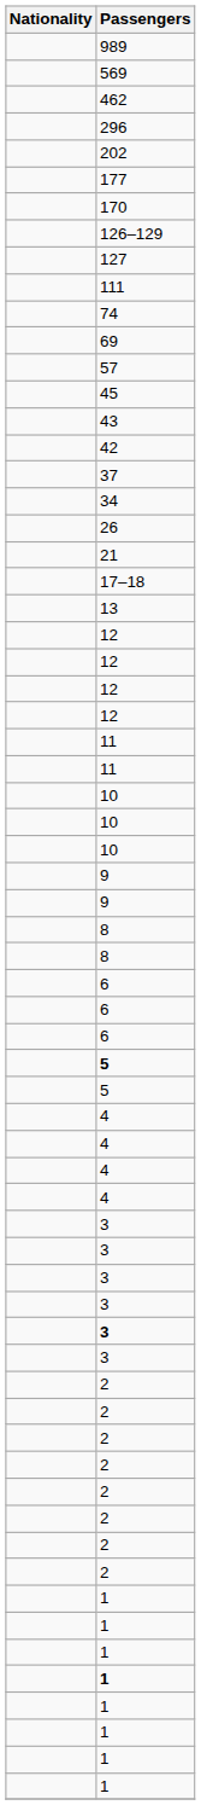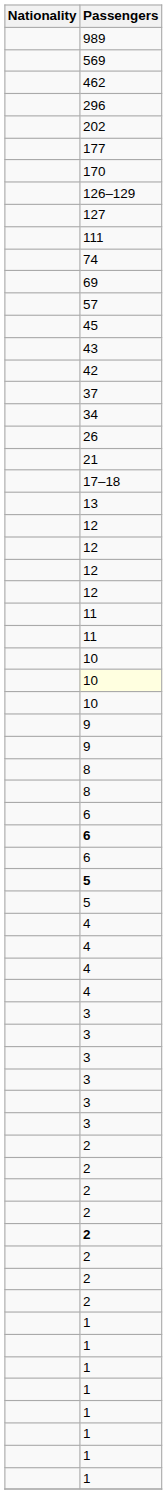 <table class="wikitable sortable" style="float:right; margin-left:2em; text-align:left; font-size:75%">
 <tr>
 <th>Nationality</th>
 <th data-sort-type="numeric">Passengers</th>
 </tr>
 <tr>
 <td></td>
 <td>989</td>
 </tr>
 <tr>
 <td></td>
 <td>569</td>
 </tr>
 <tr>
 <td></td>
 <td>462</td>
 </tr>
 <tr>
 <td></td>
 <td>296</td>
 </tr>
 <tr>
 <td></td>
 <td>202</td>
 </tr>
 <tr>
 <td></td>
 <td>177</td>
 </tr>
 <tr>
 <td></td>
 <td>170</td>
 </tr>
 <tr>
 <td></td>
 <td data-sort-value=127.5>126–129 </td>
 </tr>
 <tr>
 <td></td>
 <td>127</td>
 </tr>
 <tr>
 <td></td>
 <td>111</td>
 </tr>
 <tr>
 <td></td>
 <td>74</td>
 </tr>
 <tr>
 <td></td>
 <td>69</td>
 </tr>
 <tr>
 <td></td>
 <td>57</td>
 </tr>
 <tr>
 <td></td>
 <td>45</td>
 </tr>
 <tr>
 <td></td>
 <td>43</td>
 </tr>
 <tr>
 <td></td>
 <td>42</td>
 </tr>
 <tr>
 <td></td>
 <td>37</td>
 </tr>
 <tr>
 <td></td>
 <td>34</td>
 </tr>
 <tr>
 <td></td>
 <td>26</td>
 </tr>
 <tr>
 <td></td>
 <td>21</td>
 </tr>
 <tr>
 <td></td>
 <td data-sort-value=17.5>17–18 </td>
 </tr>
 <tr>
 <td></td>
 <td>13</td>
 </tr>
 <tr>
 <td></td>
 <td>12</td>
 </tr>
 <tr>
 <td></td>
 <td>12</td>
 </tr>
 <tr>
 <td></td>
 <td>12</td>
 </tr>
 <tr>
 <td></td>
 <td>12</td>
 </tr>
 <tr>
 <td></td>
 <td>11</td>
 </tr>
 <tr>
 <td></td>
 <td>11</td>
 </tr>
 <tr>
 <td></td>
 <td>10</td>
 </tr>
 <tr>
 <td></td>
-<td>10</td>
+<td style="background: lightyellow;">10</td>
 </tr>
 <tr>
 <td></td>
 <td>10</td>
 </tr>
 <tr>
 <td></td>
 <td>9</td>
 </tr>
 <tr>
 <td></td>
 <td>9</td>
 </tr>
 <tr>
 <td></td>
 <td>8</td>
 </tr>
 <tr>
 <td></td>
 <td>8</td>
 </tr>
 <tr>
 <td></td>
 <td>6</td>
 </tr>
 <tr>
 <td></td>
-<td>6</td>
+<td><strong>6</strong></td>
 </tr>
 <tr>
 <td></td>
 <td>6</td>
 </tr>
 <tr>
 <td></td>
 <td><strong>5</strong></td>
 </tr>
 <tr>
 <td></td>
 <td>5</td>
 </tr>
 <tr>
 <td></td>
 <td>4</td>
 </tr>
 <tr>
 <td></td>
 <td>4</td>
 </tr>
 <tr>
 <td></td>
 <td>4</td>
 </tr>
 <tr>
 <td></td>
 <td>4</td>
 </tr>
 <tr>
 <td></td>
 <td>3</td>
 </tr>
 <tr>
 <td></td>
 <td>3</td>
 </tr>
 <tr>
 <td></td>
 <td>3</td>
 </tr>
 <tr>
 <td></td>
 <td>3</td>
 </tr>
 <tr>
 <td></td>
-<td><strong>3</strong></td>
+<td>3</td>
 </tr>
 <tr>
 <td></td>
 <td>3</td>
 </tr>
 <tr>
 <td></td>
 <td>2</td>
 </tr>
 <tr>
 <td></td>
 <td>2</td>
 </tr>
 <tr>
 <td></td>
 <td>2</td>
 </tr>
 <tr>
 <td></td>
 <td>2</td>
 </tr>
 <tr>
 <td></td>
-<td>2</td>
+<td><strong>2</strong></td>
 </tr>
 <tr>
 <td></td>
 <td>2</td>
 </tr>
 <tr>
 <td></td>
 <td>2</td>
 </tr>
 <tr>
 <td></td>
 <td>2</td>
 </tr>
 <tr>
 <td></td>
 <td>1</td>
 </tr>
 <tr>
 <td></td>
 <td>1</td>
 </tr>
 <tr>
 <td></td>
 <td>1</td>
 </tr>
 <tr>
 <td></td>
-<td><strong>1</strong></td>
+<td>1</td>
 </tr>
 <tr>
 <td></td>
 <td>1</td>
 </tr>
 <tr>
 <td></td>
 <td>1</td>
 </tr>
 <tr>
 <td></td>
 <td>1</td>
 </tr>
 <tr>
 <td></td>
 <td>1</td>
 </tr>
 <tr class="sortbottom">
 </tr>
 <tr colspan=4 style="text-align:left;">
 </tr>
 </table>
